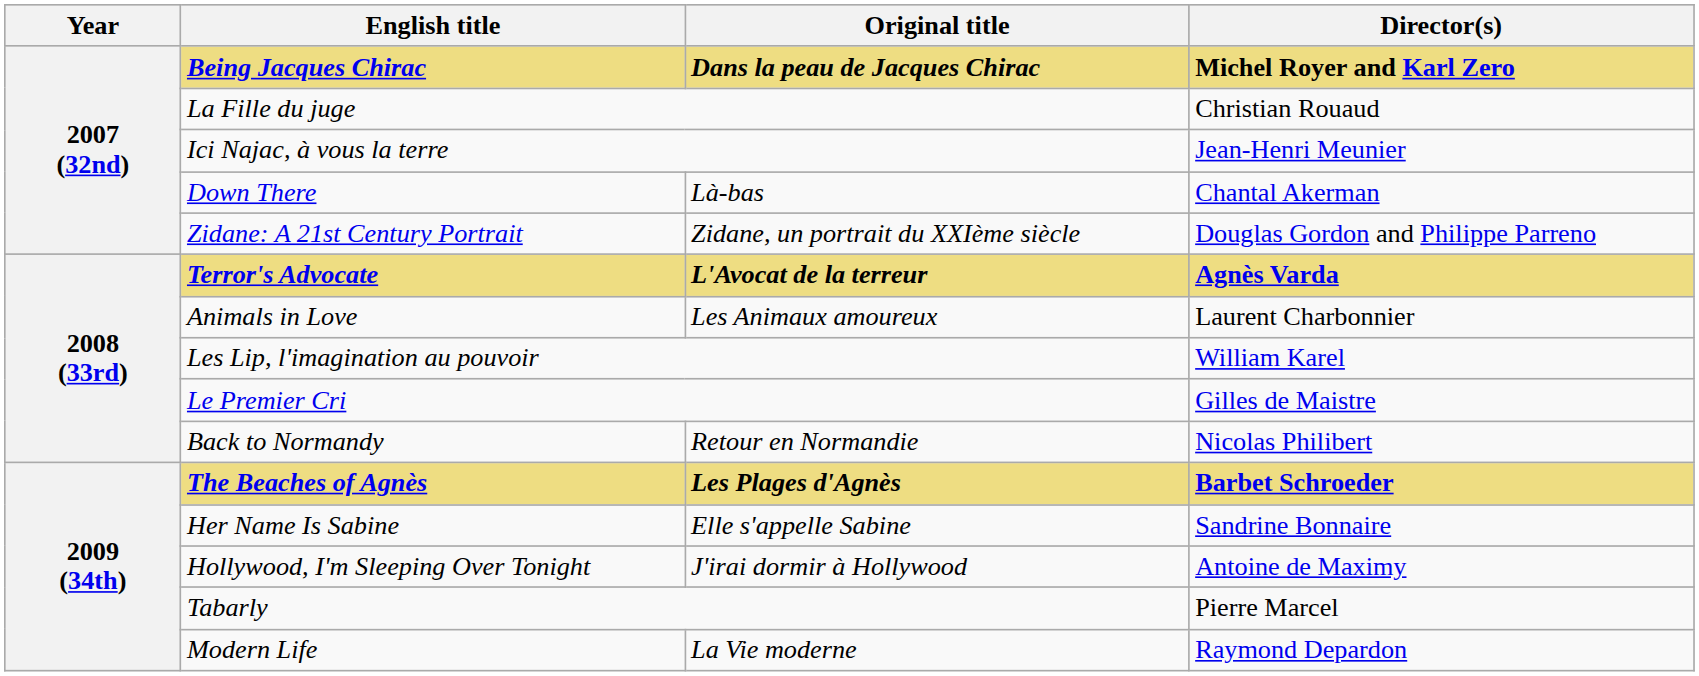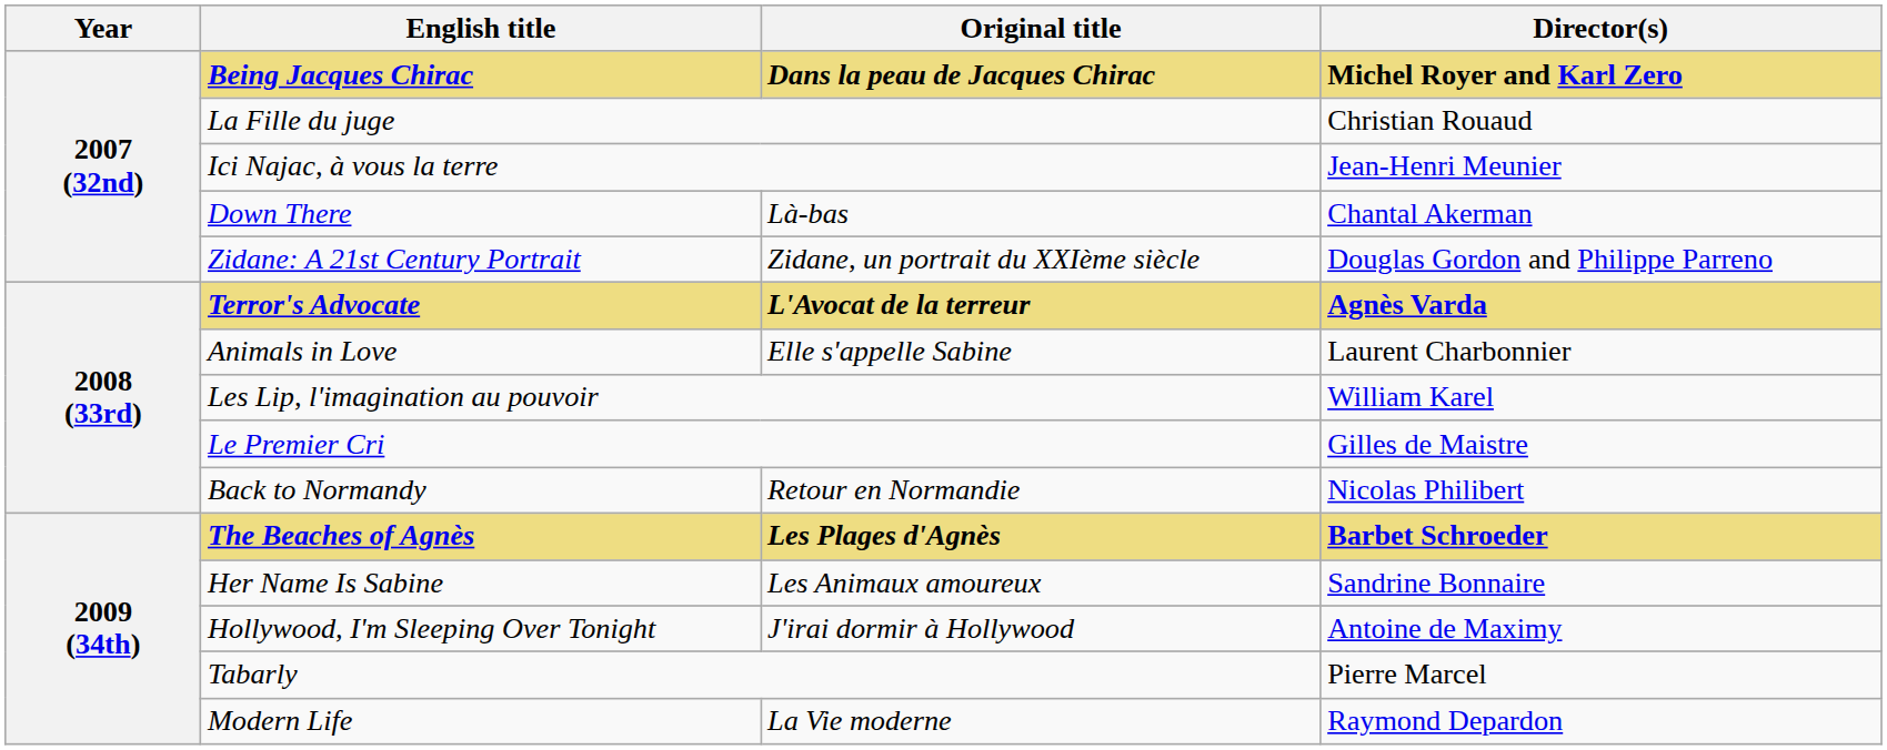 <table class="wikitable">
 <tr>
 <th width="100">Year</th>
 <th width="300">English title</th>
 <th width="300">Original title</th>
 <th width="300">Director(s)</th>
 </tr>
 <tr>
 <th rowspan="5" style="text-align:center;">2007<br>(<a href='#'>32nd</a>)</th>
 <td style="background:#eedd82;"><em><a href='#'><strong>Being Jacques Chirac</strong></a></em></td>
 <td style="background:#eedd82;"><strong><em>Dans la peau de Jacques Chirac</em></strong></td>
 <td style="background:#eedd82;"><strong>Michel Royer and <a href='#'>Karl Zero</a></strong></td>
 </tr>
 <tr>
 <td colspan="2"><em>La Fille du juge</em></td>
 <td>Christian Rouaud</td>
 </tr>
 <tr>
 <td colspan="2"><em>Ici Najac, à vous la terre</em></td>
 <td><a href='#'>Jean-Henri Meunier</a></td>
 </tr>
 <tr>
 <td><em><a href='#'>Down There</a></em></td>
 <td><em>Là-bas</em></td>
 <td><a href='#'>Chantal Akerman</a></td>
 </tr>
 <tr>
 <td><em><a href='#'>Zidane: A 21st Century Portrait</a></em></td>
 <td><em>Zidane, un portrait du XXIème siècle</em></td>
 <td><a href='#'>Douglas Gordon</a> and <a href='#'>Philippe Parreno</a></td>
 </tr>
 <tr>
 <th rowspan="5" style="text-align:center;">2008<br>(<a href='#'>33rd</a>)</th>
 <td style="background:#eedd82;"><em><a href='#'><strong>Terror's Advocate</strong></a></em></td>
 <td style="background:#eedd82;"><strong><em>L'Avocat de la terreur</em></strong></td>
 <td style="background:#eedd82;"><a href='#'><strong>Agnès Varda</strong></a></td>
 </tr>
 <tr>
 <td><em>Animals in Love</em></td>
-<td><em>Les Animaux amoureux</em></td>
+<td><em>Elle s'appelle Sabine</em></td>
 <td>Laurent Charbonnier</td>
 </tr>
 <tr>
 <td colspan="2"><em>Les Lip, l'imagination au pouvoir</em></td>
 <td><a href='#'>William Karel</a></td>
 </tr>
 <tr>
 <td colspan="2"><em><a href='#'>Le Premier Cri</a></em></td>
 <td><a href='#'>Gilles de Maistre</a></td>
 </tr>
 <tr>
 <td><em>Back to Normandy</em></td>
 <td><em>Retour en Normandie</em></td>
 <td><a href='#'>Nicolas Philibert</a></td>
 </tr>
 <tr>
 <th rowspan="5" style="text-align:center;">2009<br>(<a href='#'>34th</a>)</th>
 <td style="background:#eedd82;"><em><a href='#'><strong>The Beaches of Agnès</strong></a></em></td>
 <td style="background:#eedd82;"><strong><em>Les Plages d'Agnès</em></strong></td>
 <td style="background:#eedd82;"><a href='#'><strong>Barbet Schroeder</strong></a></td>
 </tr>
 <tr>
 <td><em>Her Name Is Sabine</em></td>
-<td><em>Elle s'appelle Sabine</em></td>
+<td><em>Les Animaux amoureux</em></td>
 <td><a href='#'>Sandrine Bonnaire</a></td>
 </tr>
 <tr>
 <td><em>Hollywood, I'm Sleeping Over Tonight</em></td>
 <td><em>J'irai dormir à Hollywood</em></td>
 <td><a href='#'>Antoine de Maximy</a></td>
 </tr>
 <tr>
 <td colspan="2"><em>Tabarly</em></td>
 <td>Pierre Marcel</td>
 </tr>
 <tr>
 <td><em>Modern Life</em></td>
 <td><em>La Vie moderne</em></td>
 <td><a href='#'>Raymond Depardon</a></td>
 </tr>
 </table>
